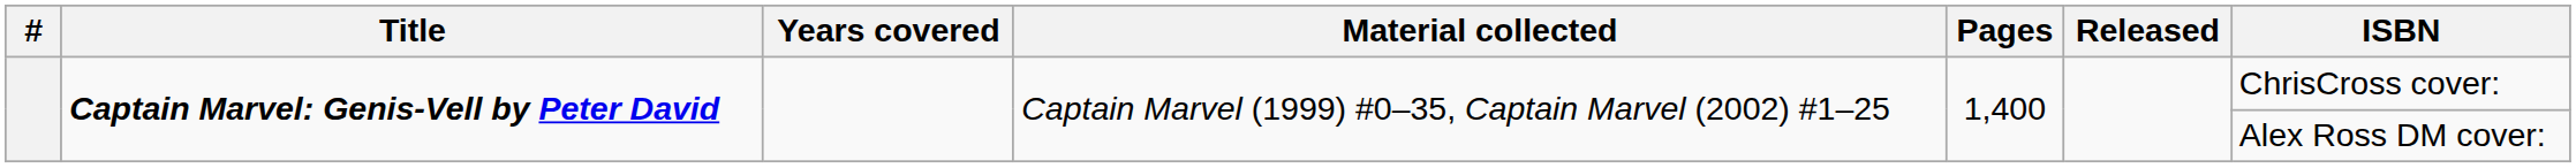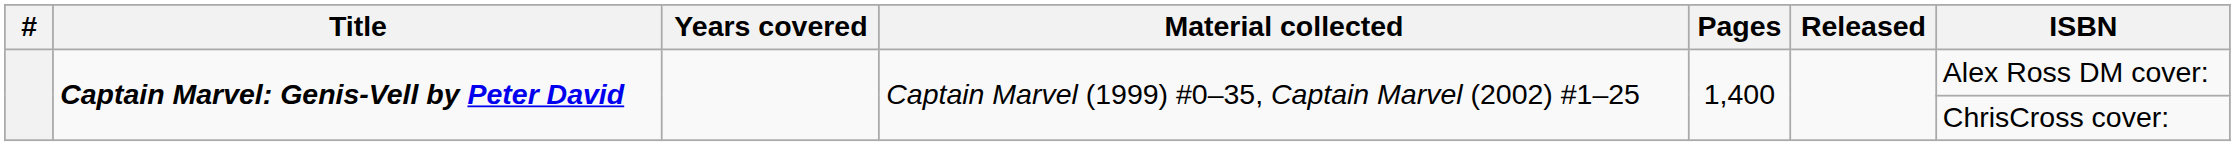 <table class="wikitable sortable" width="99%">
 <tr>
 <th class="unsortable" width="20px">#</th>
 <th>Title</th>
 <th>Years covered</th>
 <th class="unsortable">Material collected</th>
 <th>Pages</th>
 <th>Released</th>
 <th class="unsortable">ISBN</th>
 </tr>
 <tr>
 <th rowspan="2" style="background-color: light grey;"></th>
 <td rowspan="2"><strong><em>Captain Marvel: Genis-Vell by <a href='#'>Peter David</a></em></strong></td>
 <td rowspan="2"></td>
 <td rowspan="2"><em>Captain Marvel</em> (1999) #0–35, <em>Captain Marvel</em> (2002) #1–25</td>
 <td rowspan="2" style="text-align: center;">1,400</td>
 <td rowspan="2"></td>
+<td>Alex Ross DM cover: </td>
+</tr>
+<tr>
 <td>ChrisCross cover: </td>
 </tr>
-<tr>
-<td>Alex Ross DM cover: </td>
-</tr>
 </table>
